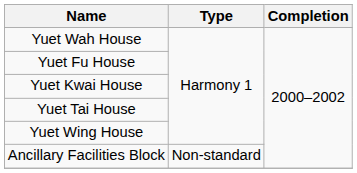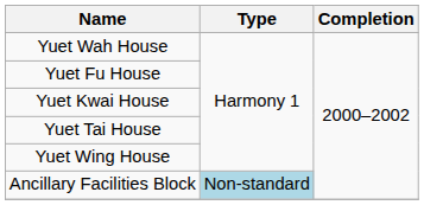 <table class="wikitable" style="text-align: center">
 <tr>
 <th>Name</th>
 <th>Type</th>
 <th>Completion</th>
 </tr>
 <tr>
 <td>Yuet Wah House</td>
 <td rowspan="5">Harmony 1</td>
 <td rowspan="6">2000–2002</td>
 </tr>
 <tr>
 <td>Yuet Fu House</td>
 </tr>
 <tr>
 <td>Yuet Kwai House</td>
 </tr>
 <tr>
 <td>Yuet Tai House</td>
 </tr>
 <tr>
 <td>Yuet Wing House</td>
 </tr>
 <tr>
 <td>Ancillary Facilities Block</td>
-<td rowspan="1">Non-standard</td>
+<td rowspan="1" style="background: lightblue;">Non-standard</td>
 </tr>
 <tr>
 </tr>
 </table>
